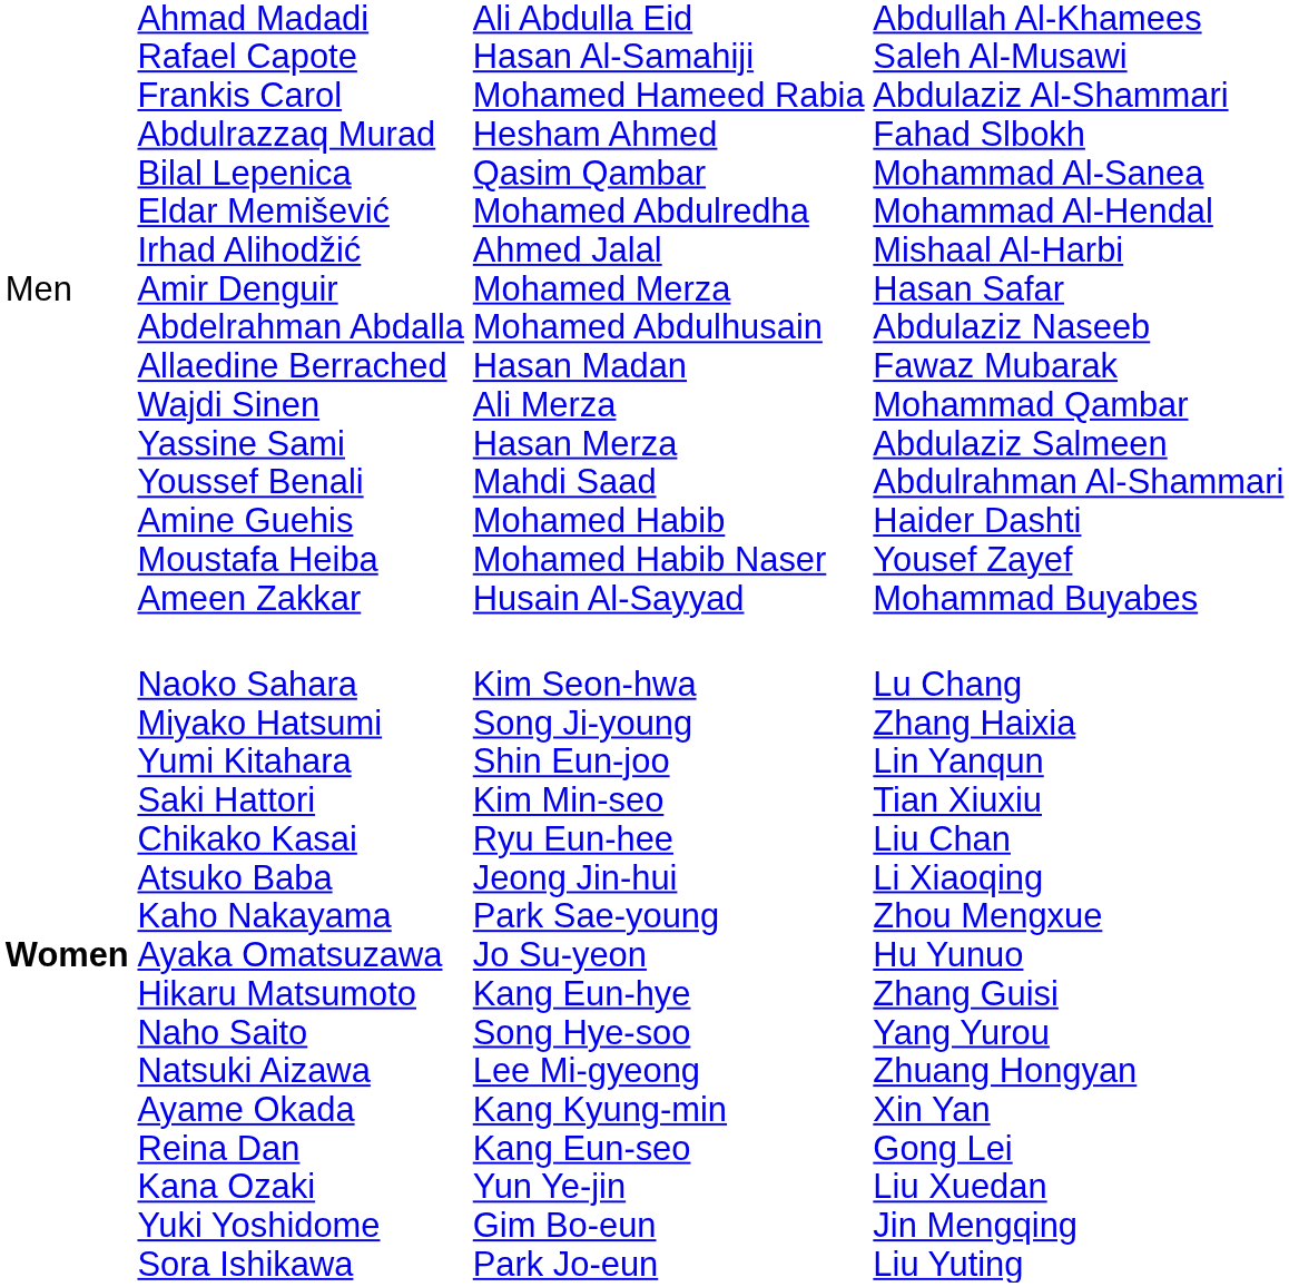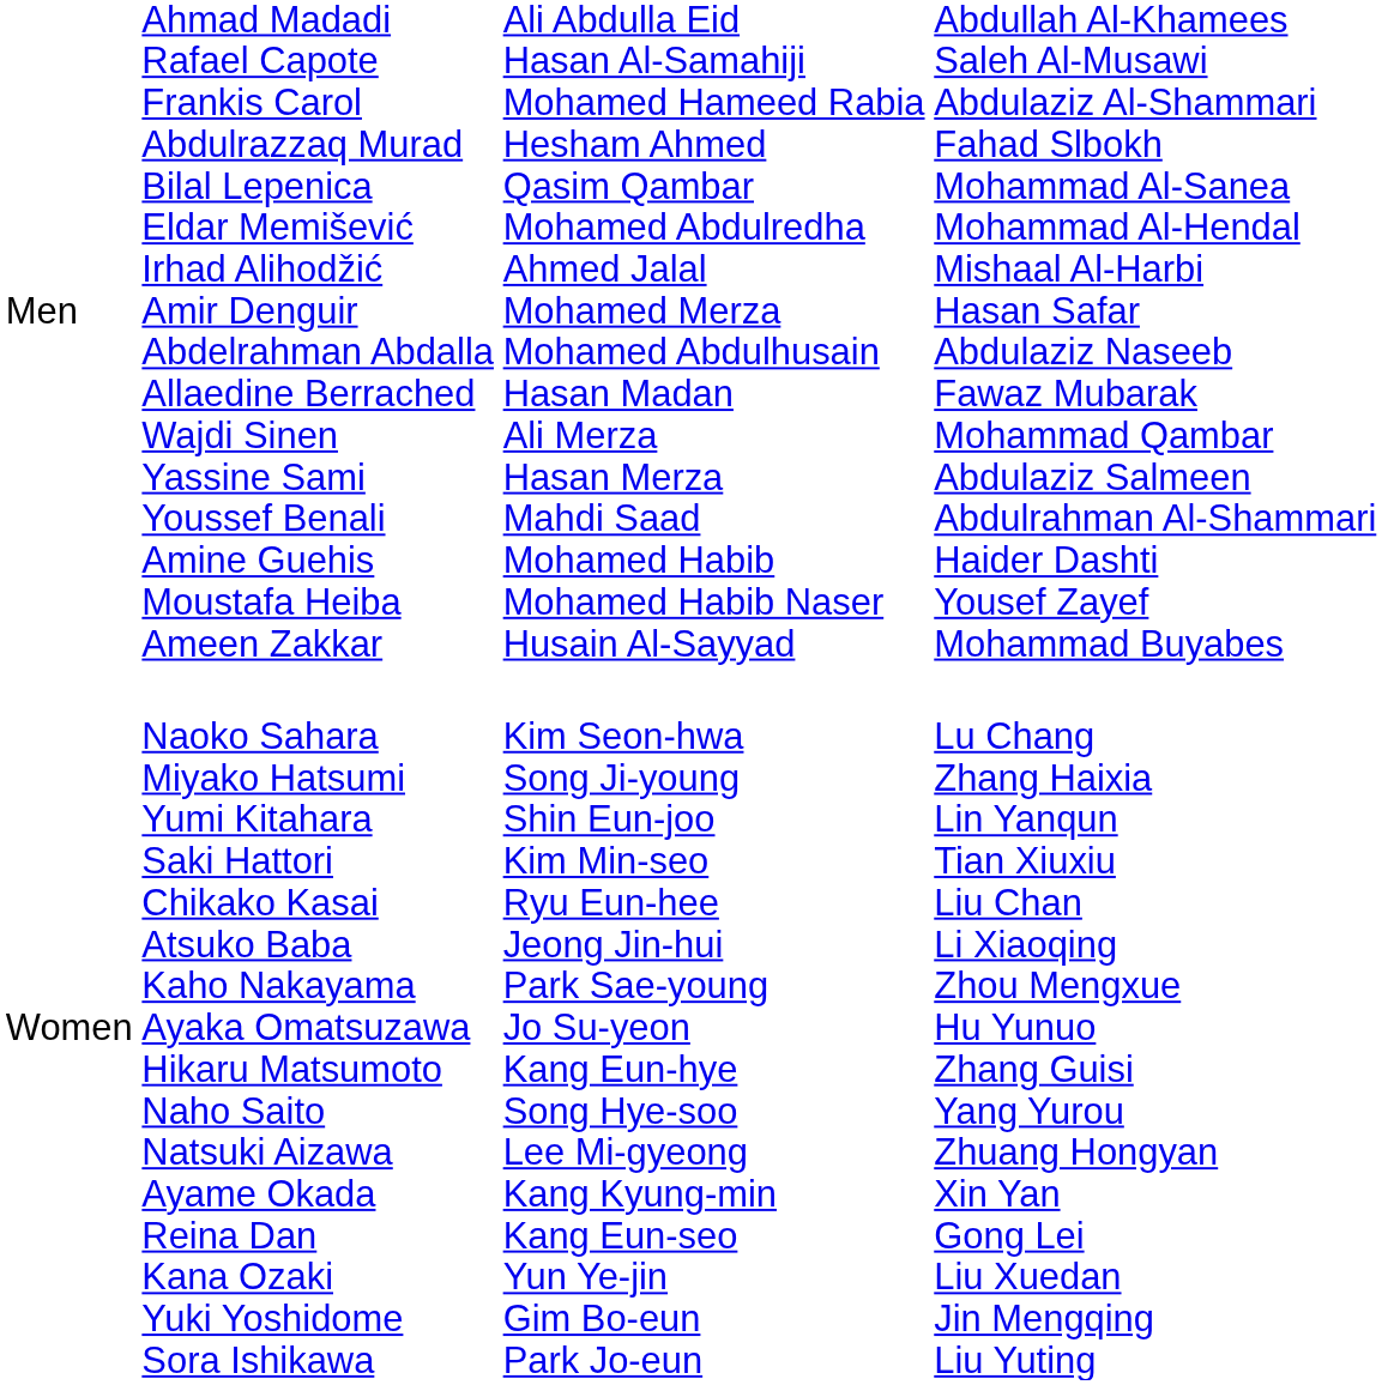 <table>
 <tr>
 <td>Men<br></td>
 <td><br><a href='#'>Ahmad Madadi</a><br><a href='#'>Rafael Capote</a><br><a href='#'>Frankis Carol</a><br><a href='#'>Abdulrazzaq Murad</a><br><a href='#'>Bilal Lepenica</a><br><a href='#'>Eldar Memišević</a><br><a href='#'>Irhad Alihodžić</a><br><a href='#'>Amir Denguir</a><br><a href='#'>Abdelrahman Abdalla</a><br><a href='#'>Allaedine Berrached</a><br><a href='#'>Wajdi Sinen</a><br><a href='#'>Yassine Sami</a><br><a href='#'>Youssef Benali</a><br><a href='#'>Amine Guehis</a><br><a href='#'>Moustafa Heiba</a><br><a href='#'>Ameen Zakkar</a></td>
 <td><br><a href='#'>Ali Abdulla Eid</a><br><a href='#'>Hasan Al-Samahiji</a><br><a href='#'>Mohamed Hameed Rabia</a><br><a href='#'>Hesham Ahmed</a><br><a href='#'>Qasim Qambar</a><br><a href='#'>Mohamed Abdulredha</a><br><a href='#'>Ahmed Jalal</a><br><a href='#'>Mohamed Merza</a><br><a href='#'>Mohamed Abdulhusain</a><br><a href='#'>Hasan Madan</a><br><a href='#'>Ali Merza</a><br><a href='#'>Hasan Merza</a><br><a href='#'>Mahdi Saad</a><br><a href='#'>Mohamed Habib</a><br><a href='#'>Mohamed Habib Naser</a><br><a href='#'>Husain Al-Sayyad</a></td>
 <td><br><a href='#'>Abdullah Al-Khamees</a><br><a href='#'>Saleh Al-Musawi</a><br><a href='#'>Abdulaziz Al-Shammari</a><br><a href='#'>Fahad Slbokh</a><br><a href='#'>Mohammad Al-Sanea</a><br><a href='#'>Mohammad Al-Hendal</a><br><a href='#'>Mishaal Al-Harbi</a><br><a href='#'>Hasan Safar</a><br><a href='#'>Abdulaziz Naseeb</a><br><a href='#'>Fawaz Mubarak</a><br><a href='#'>Mohammad Qambar</a><br><a href='#'>Abdulaziz Salmeen</a><br><a href='#'>Abdulrahman Al-Shammari</a><br><a href='#'>Haider Dashti</a><br><a href='#'>Yousef Zayef</a><br><a href='#'>Mohammad Buyabes</a></td>
 </tr>
 <tr>
-<td><strong>Women<br></strong></td>
+<td>Women<br></td>
 <td><br><a href='#'>Naoko Sahara</a><br><a href='#'>Miyako Hatsumi</a><br><a href='#'>Yumi Kitahara</a><br><a href='#'>Saki Hattori</a><br><a href='#'>Chikako Kasai</a><br><a href='#'>Atsuko Baba</a><br><a href='#'>Kaho Nakayama</a><br><a href='#'>Ayaka Omatsuzawa</a><br><a href='#'>Hikaru Matsumoto</a><br><a href='#'>Naho Saito</a><br><a href='#'>Natsuki Aizawa</a><br><a href='#'>Ayame Okada</a><br><a href='#'>Reina Dan</a><br><a href='#'>Kana Ozaki</a><br><a href='#'>Yuki Yoshidome</a><br><a href='#'>Sora Ishikawa</a></td>
 <td><br><a href='#'>Kim Seon-hwa</a><br><a href='#'>Song Ji-young</a><br><a href='#'>Shin Eun-joo</a><br><a href='#'>Kim Min-seo</a><br><a href='#'>Ryu Eun-hee</a><br><a href='#'>Jeong Jin-hui</a><br><a href='#'>Park Sae-young</a><br><a href='#'>Jo Su-yeon</a><br><a href='#'>Kang Eun-hye</a><br><a href='#'>Song Hye-soo</a><br><a href='#'>Lee Mi-gyeong</a><br><a href='#'>Kang Kyung-min</a><br><a href='#'>Kang Eun-seo</a><br><a href='#'>Yun Ye-jin</a><br><a href='#'>Gim Bo-eun</a><br><a href='#'>Park Jo-eun</a></td>
 <td><br><a href='#'>Lu Chang</a><br><a href='#'>Zhang Haixia</a><br><a href='#'>Lin Yanqun</a><br><a href='#'>Tian Xiuxiu</a><br><a href='#'>Liu Chan</a><br><a href='#'>Li Xiaoqing</a><br><a href='#'>Zhou Mengxue</a><br><a href='#'>Hu Yunuo</a><br><a href='#'>Zhang Guisi</a><br><a href='#'>Yang Yurou</a><br><a href='#'>Zhuang Hongyan</a><br><a href='#'>Xin Yan</a><br><a href='#'>Gong Lei</a><br><a href='#'>Liu Xuedan</a><br><a href='#'>Jin Mengqing</a><br><a href='#'>Liu Yuting</a></td>
 </tr>
 </table>
